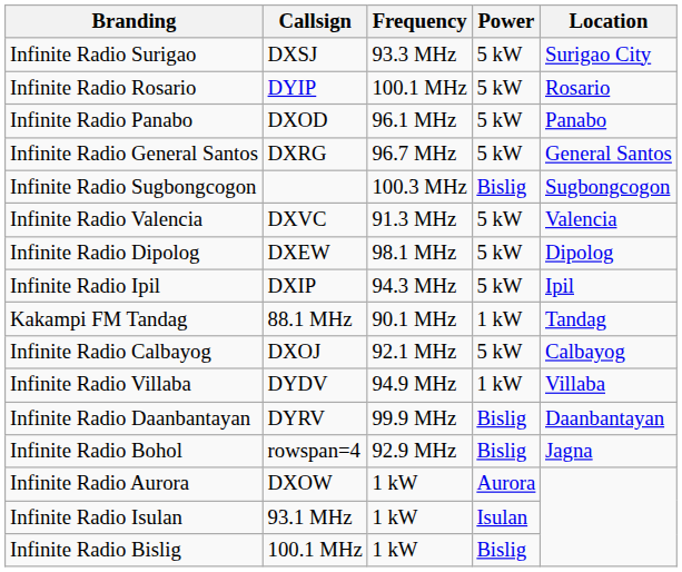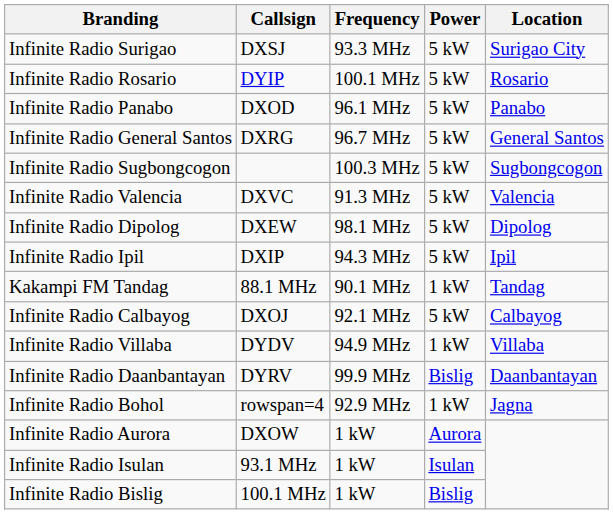 <table class="wikitable">
 <tr>
 <th>Branding</th>
 <th>Callsign</th>
 <th>Frequency</th>
 <th>Power</th>
 <th>Location</th>
 </tr>
 <tr>
 <td>Infinite Radio Surigao</td>
 <td>DXSJ</td>
 <td>93.3 MHz</td>
 <td>5 kW</td>
 <td><a href='#'>Surigao City</a></td>
 </tr>
 <tr>
 <td>Infinite Radio Rosario</td>
 <td><a href='#'>DYIP</a></td>
 <td>100.1 MHz</td>
 <td>5 kW</td>
 <td><a href='#'>Rosario</a></td>
 </tr>
 <tr>
 <td>Infinite Radio Panabo</td>
 <td>DXOD</td>
 <td>96.1 MHz</td>
 <td>5 kW</td>
 <td><a href='#'>Panabo</a></td>
 </tr>
 <tr>
 <td>Infinite Radio General Santos</td>
 <td>DXRG</td>
 <td>96.7 MHz</td>
 <td>5 kW</td>
 <td><a href='#'>General Santos</a></td>
 </tr>
 <tr>
 <td>Infinite Radio Sugbongcogon</td>
 <td></td>
 <td>100.3 MHz</td>
-<td><a href='#'>Bislig</a></td>
+<td>5 kW</td>
 <td><a href='#'>Sugbongcogon</a></td>
 </tr>
 <tr>
 <td>Infinite Radio Valencia</td>
 <td>DXVC</td>
 <td>91.3 MHz</td>
 <td>5 kW</td>
 <td><a href='#'>Valencia</a></td>
 </tr>
 <tr>
 <td>Infinite Radio Dipolog</td>
 <td>DXEW</td>
 <td>98.1 MHz</td>
 <td>5 kW</td>
 <td><a href='#'>Dipolog</a></td>
 </tr>
 <tr>
 <td>Infinite Radio Ipil</td>
 <td>DXIP</td>
 <td>94.3 MHz</td>
 <td>5 kW</td>
 <td><a href='#'>Ipil</a></td>
 </tr>
 <tr>
 <td>Kakampi FM Tandag</td>
 <td>88.1 MHz</td>
 <td>90.1 MHz</td>
 <td>1 kW</td>
 <td><a href='#'>Tandag</a></td>
 </tr>
 <tr>
 <td>Infinite Radio Calbayog</td>
 <td>DXOJ</td>
 <td>92.1 MHz</td>
 <td>5 kW</td>
 <td><a href='#'>Calbayog</a></td>
 </tr>
 <tr>
 <td>Infinite Radio Villaba</td>
 <td>DYDV</td>
 <td>94.9 MHz</td>
 <td>1 kW</td>
 <td><a href='#'>Villaba</a></td>
 </tr>
 <tr>
 <td>Infinite Radio Daanbantayan</td>
 <td>DYRV</td>
 <td>99.9 MHz</td>
 <td><a href='#'>Bislig</a></td>
 <td><a href='#'>Daanbantayan</a></td>
 </tr>
 <tr>
 <td>Infinite Radio Bohol</td>
 <td>rowspan=4 </td>
 <td>92.9 MHz</td>
-<td><a href='#'>Bislig</a></td>
+<td>1 kW</td>
 <td><a href='#'>Jagna</a></td>
 </tr>
 <tr>
 <td>Infinite Radio Aurora</td>
 <td>DXOW</td>
 <td>1 kW</td>
 <td><a href='#'>Aurora</a></td>
 </tr>
 <tr>
 <td>Infinite Radio Isulan</td>
 <td>93.1 MHz</td>
 <td>1 kW</td>
 <td><a href='#'>Isulan</a></td>
 </tr>
 <tr>
 <td>Infinite Radio Bislig</td>
 <td>100.1 MHz</td>
 <td>1 kW</td>
 <td><a href='#'>Bislig</a></td>
 </tr>
 </table>
